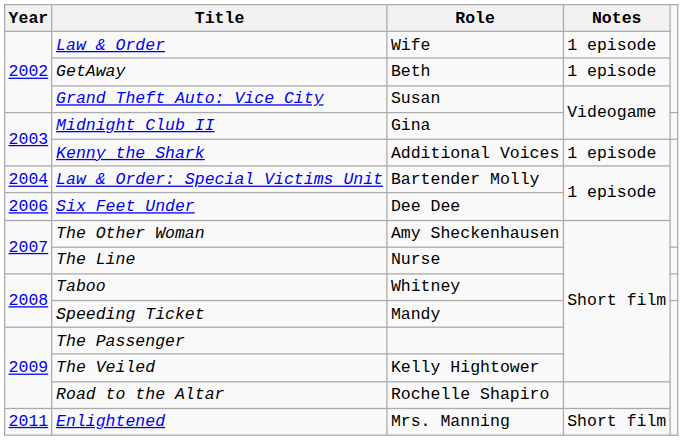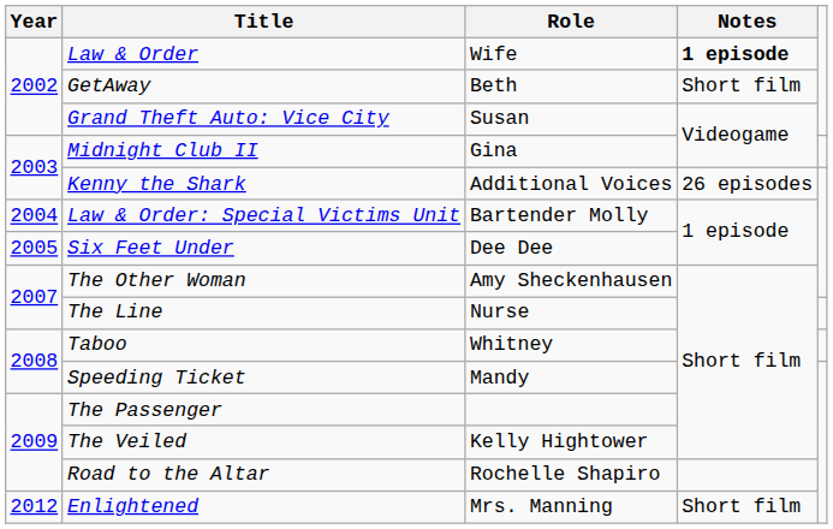 <table class="wikitable">
 <tr>
 <th>Year</th>
 <th>Title</th>
 <th>Role</th>
 <th>Notes</th>
 </tr>
 <tr>
 <td rowspan="3"><a href='#'>2002</a></td>
 <td><em><a href='#'>Law & Order</a></em></td>
 <td>Wife</td>
-<td>1 episode</td>
+<td><strong>1 episode</strong></td>
 </tr>
 <tr>
 <td><em>GetAway</em></td>
 <td>Beth</td>
-<td>1 episode</td>
+<td>Short film</td>
 </tr>
 <tr>
 <td><em><a href='#'>Grand Theft Auto: Vice City</a></em></td>
 <td>Susan</td>
 <td rowspan="2'">Videogame</td>
 </tr>
 <tr>
 <td rowspan="2"><a href='#'>2003</a></td>
 <td><em><a href='#'>Midnight Club II</a></em></td>
 <td>Gina</td>
 <td></td>
 </tr>
 <tr>
 <td><em><a href='#'>Kenny the Shark</a></em></td>
 <td>Additional Voices</td>
-<td>1 episode</td>
+<td>26 episodes</td>
 </tr>
 <tr>
 <td><a href='#'>2004</a></td>
 <td><em><a href='#'>Law & Order: Special Victims Unit</a></em></td>
 <td>Bartender Molly</td>
 <td rowspan="2">1 episode</td>
 </tr>
 <tr>
-<td><a href='#'>2006</a></td>
+<td><a href='#'>2005</a></td>
 <td><em><a href='#'>Six Feet Under</a></em></td>
 <td>Dee Dee</td>
 </tr>
 <tr>
 <td rowspan="2"><a href='#'>2007</a></td>
 <td><em>The Other Woman</em></td>
 <td>Amy Sheckenhausen</td>
 <td rowspan="6">Short film</td>
 </tr>
 <tr>
 <td><em>The Line</em></td>
 <td>Nurse</td>
 <td></td>
 </tr>
 <tr>
 <td rowspan="2"><a href='#'>2008</a></td>
 <td><em>Taboo</em></td>
 <td>Whitney</td>
 <td></td>
 </tr>
 <tr>
 <td><em>Speeding Ticket</em></td>
 <td>Mandy</td>
 </tr>
 <tr>
 <td rowspan="3"><a href='#'>2009</a></td>
 <td><em>The Passenger</em></td>
 </tr>
 <tr>
 <td><em>The Veiled</em></td>
 <td>Kelly Hightower</td>
 </tr>
 <tr>
 <td><em>Road to the Altar</em></td>
 <td>Rochelle Shapiro</td>
 <td></td>
 </tr>
 <tr>
-<td><a href='#'>2011</a></td>
+<td><a href='#'>2012</a></td>
 <td><em><a href='#'>Enlightened</a></em></td>
 <td>Mrs. Manning</td>
 <td>Short film</td>
 </tr>
 </table>
